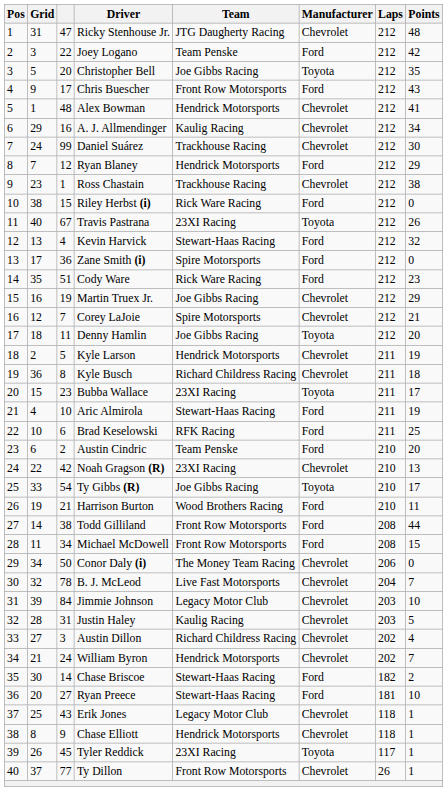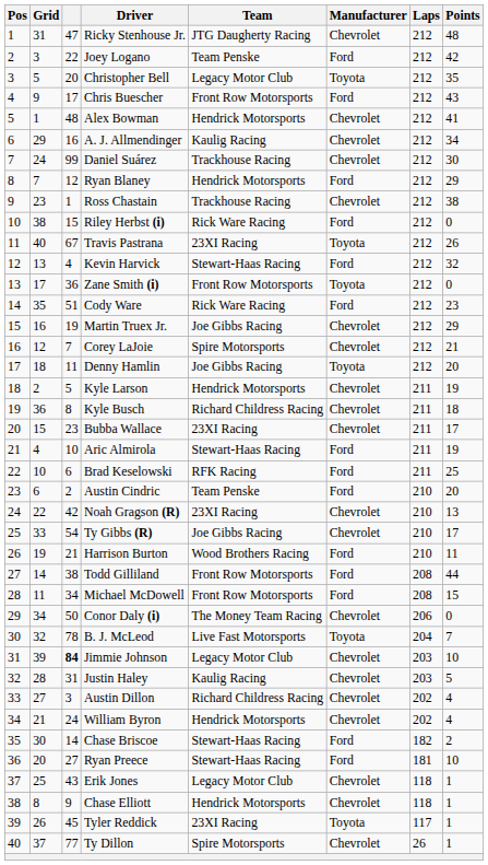 <table class="wikitable" style="font-size:98%">
 <tr>
 <th>Pos</th>
 <th>Grid</th>
 <th></th>
 <th>Driver</th>
 <th>Team</th>
 <th>Manufacturer</th>
 <th>Laps</th>
 <th>Points</th>
 </tr>
 <tr>
 <td>1</td>
 <td>31</td>
 <td>47</td>
 <td>Ricky Stenhouse Jr.</td>
 <td>JTG Daugherty Racing</td>
 <td>Chevrolet</td>
 <td>212</td>
 <td>48</td>
 </tr>
 <tr>
 <td>2</td>
 <td>3</td>
 <td>22</td>
 <td>Joey Logano</td>
 <td>Team Penske</td>
 <td>Ford</td>
 <td>212</td>
 <td>42</td>
 </tr>
 <tr>
 <td>3</td>
 <td>5</td>
 <td>20</td>
 <td>Christopher Bell</td>
-<td>Joe Gibbs Racing</td>
+<td>Legacy Motor Club</td>
 <td>Toyota</td>
 <td>212</td>
 <td>35</td>
 </tr>
 <tr>
 <td>4</td>
 <td>9</td>
 <td>17</td>
 <td>Chris Buescher</td>
 <td>Front Row Motorsports</td>
 <td>Ford</td>
 <td>212</td>
 <td>43</td>
 </tr>
 <tr>
 <td>5</td>
 <td>1</td>
 <td>48</td>
 <td>Alex Bowman</td>
 <td>Hendrick Motorsports</td>
 <td>Chevrolet</td>
 <td>212</td>
 <td>41</td>
 </tr>
 <tr>
 <td>6</td>
 <td>29</td>
 <td>16</td>
 <td>A. J. Allmendinger</td>
 <td>Kaulig Racing</td>
 <td>Chevrolet</td>
 <td>212</td>
 <td>34</td>
 </tr>
 <tr>
 <td>7</td>
 <td>24</td>
 <td>99</td>
 <td>Daniel Suárez</td>
 <td>Trackhouse Racing</td>
 <td>Chevrolet</td>
 <td>212</td>
 <td>30</td>
 </tr>
 <tr>
 <td>8</td>
 <td>7</td>
 <td>12</td>
 <td>Ryan Blaney</td>
 <td>Hendrick Motorsports</td>
 <td>Ford</td>
 <td>212</td>
 <td>29</td>
 </tr>
 <tr>
 <td>9</td>
 <td>23</td>
 <td>1</td>
 <td>Ross Chastain</td>
 <td>Trackhouse Racing</td>
 <td>Chevrolet</td>
 <td>212</td>
 <td>38</td>
 </tr>
 <tr>
 <td>10</td>
 <td>38</td>
 <td>15</td>
 <td>Riley Herbst <strong>(i)</strong></td>
 <td>Rick Ware Racing</td>
 <td>Ford</td>
 <td>212</td>
 <td>0</td>
 </tr>
 <tr>
 <td>11</td>
 <td>40</td>
 <td>67</td>
 <td>Travis Pastrana</td>
 <td>23XI Racing</td>
 <td>Toyota</td>
 <td>212</td>
 <td>26</td>
 </tr>
 <tr>
 <td>12</td>
 <td>13</td>
 <td>4</td>
 <td>Kevin Harvick</td>
 <td>Stewart-Haas Racing</td>
 <td>Ford</td>
 <td>212</td>
 <td>32</td>
 </tr>
 <tr>
 <td>13</td>
 <td>17</td>
 <td>36</td>
 <td>Zane Smith <strong>(i)</strong></td>
-<td>Spire Motorsports</td>
-<td>Ford</td>
+<td>Front Row Motorsports</td>
+<td>Toyota</td>
 <td>212</td>
 <td>0</td>
 </tr>
 <tr>
 <td>14</td>
 <td>35</td>
 <td>51</td>
 <td>Cody Ware</td>
 <td>Rick Ware Racing</td>
 <td>Ford</td>
 <td>212</td>
 <td>23</td>
 </tr>
 <tr>
 <td>15</td>
 <td>16</td>
 <td>19</td>
 <td>Martin Truex Jr.</td>
 <td>Joe Gibbs Racing</td>
 <td>Chevrolet</td>
 <td>212</td>
 <td>29</td>
 </tr>
 <tr>
 <td>16</td>
 <td>12</td>
 <td>7</td>
 <td>Corey LaJoie</td>
 <td>Spire Motorsports</td>
 <td>Chevrolet</td>
 <td>212</td>
 <td>21</td>
 </tr>
 <tr>
 <td>17</td>
 <td>18</td>
 <td>11</td>
 <td>Denny Hamlin</td>
 <td>Joe Gibbs Racing</td>
 <td>Toyota</td>
 <td>212</td>
 <td>20</td>
 </tr>
 <tr>
 <td>18</td>
 <td>2</td>
 <td>5</td>
 <td>Kyle Larson</td>
 <td>Hendrick Motorsports</td>
 <td>Chevrolet</td>
 <td>211</td>
 <td>19</td>
 </tr>
 <tr>
 <td>19</td>
 <td>36</td>
 <td>8</td>
 <td>Kyle Busch</td>
 <td>Richard Childress Racing</td>
 <td>Chevrolet</td>
 <td>211</td>
 <td>18</td>
 </tr>
 <tr>
 <td>20</td>
 <td>15</td>
 <td>23</td>
 <td>Bubba Wallace</td>
 <td>23XI Racing</td>
-<td>Toyota</td>
+<td>Chevrolet</td>
 <td>211</td>
 <td>17</td>
 </tr>
 <tr>
 <td>21</td>
 <td>4</td>
 <td>10</td>
 <td>Aric Almirola</td>
 <td>Stewart-Haas Racing</td>
 <td>Ford</td>
 <td>211</td>
 <td>19</td>
 </tr>
 <tr>
 <td>22</td>
 <td>10</td>
 <td>6</td>
 <td>Brad Keselowski</td>
 <td>RFK Racing</td>
 <td>Ford</td>
 <td>211</td>
 <td>25</td>
 </tr>
 <tr>
 <td>23</td>
 <td>6</td>
 <td>2</td>
 <td>Austin Cindric</td>
 <td>Team Penske</td>
 <td>Ford</td>
 <td>210</td>
 <td>20</td>
 </tr>
 <tr>
 <td>24</td>
 <td>22</td>
 <td>42</td>
 <td>Noah Gragson <strong>(R)</strong></td>
 <td>23XI Racing</td>
 <td>Chevrolet</td>
 <td>210</td>
 <td>13</td>
 </tr>
 <tr>
 <td>25</td>
 <td>33</td>
 <td>54</td>
 <td>Ty Gibbs <strong>(R)</strong></td>
 <td>Joe Gibbs Racing</td>
-<td>Toyota</td>
+<td>Chevrolet</td>
 <td>210</td>
 <td>17</td>
 </tr>
 <tr>
 <td>26</td>
 <td>19</td>
 <td>21</td>
 <td>Harrison Burton</td>
 <td>Wood Brothers Racing</td>
 <td>Ford</td>
 <td>210</td>
 <td>11</td>
 </tr>
 <tr>
 <td>27</td>
 <td>14</td>
 <td>38</td>
 <td>Todd Gilliland</td>
 <td>Front Row Motorsports</td>
 <td>Ford</td>
 <td>208</td>
 <td>44</td>
 </tr>
 <tr>
 <td>28</td>
 <td>11</td>
 <td>34</td>
 <td>Michael McDowell</td>
 <td>Front Row Motorsports</td>
 <td>Ford</td>
 <td>208</td>
 <td>15</td>
 </tr>
 <tr>
 <td>29</td>
 <td>34</td>
 <td>50</td>
 <td>Conor Daly <strong>(i)</strong></td>
 <td>The Money Team Racing</td>
 <td>Chevrolet</td>
 <td>206</td>
 <td>0</td>
 </tr>
 <tr>
 <td>30</td>
 <td>32</td>
 <td>78</td>
 <td>B. J. McLeod</td>
 <td>Live Fast Motorsports</td>
-<td>Chevrolet</td>
+<td>Toyota</td>
 <td>204</td>
 <td>7</td>
 </tr>
 <tr>
 <td>31</td>
 <td>39</td>
-<td>84</td>
+<td><strong>84</strong></td>
 <td>Jimmie Johnson</td>
 <td>Legacy Motor Club</td>
 <td>Chevrolet</td>
 <td>203</td>
 <td>10</td>
 </tr>
 <tr>
 <td>32</td>
 <td>28</td>
 <td>31</td>
 <td>Justin Haley</td>
 <td>Kaulig Racing</td>
 <td>Chevrolet</td>
 <td>203</td>
 <td>5</td>
 </tr>
 <tr>
 <td>33</td>
 <td>27</td>
 <td>3</td>
 <td>Austin Dillon</td>
 <td>Richard Childress Racing</td>
 <td>Chevrolet</td>
 <td>202</td>
 <td>4</td>
 </tr>
 <tr>
 <td>34</td>
 <td>21</td>
 <td>24</td>
 <td>William Byron</td>
 <td>Hendrick Motorsports</td>
 <td>Chevrolet</td>
 <td>202</td>
-<td>7</td>
+<td>4</td>
 </tr>
 <tr>
 <td>35</td>
 <td>30</td>
 <td>14</td>
 <td>Chase Briscoe</td>
 <td>Stewart-Haas Racing</td>
 <td>Ford</td>
 <td>182</td>
 <td>2</td>
 </tr>
 <tr>
 <td>36</td>
 <td>20</td>
 <td>27</td>
 <td>Ryan Preece</td>
 <td>Stewart-Haas Racing</td>
 <td>Ford</td>
 <td>181</td>
 <td>10</td>
 </tr>
 <tr>
 <td>37</td>
 <td>25</td>
 <td>43</td>
 <td>Erik Jones</td>
 <td>Legacy Motor Club</td>
 <td>Chevrolet</td>
 <td>118</td>
 <td>1</td>
 </tr>
 <tr>
 <td>38</td>
 <td>8</td>
 <td>9</td>
 <td>Chase Elliott</td>
 <td>Hendrick Motorsports</td>
 <td>Chevrolet</td>
 <td>118</td>
 <td>1</td>
 </tr>
 <tr>
 <td>39</td>
 <td>26</td>
 <td>45</td>
 <td>Tyler Reddick</td>
 <td>23XI Racing</td>
 <td>Toyota</td>
 <td>117</td>
 <td>1</td>
 </tr>
 <tr>
 <td>40</td>
 <td>37</td>
 <td>77</td>
 <td>Ty Dillon</td>
-<td>Front Row Motorsports</td>
+<td>Spire Motorsports</td>
 <td>Chevrolet</td>
 <td>26</td>
 <td>1</td>
 </tr>
 <tr>
 <th colspan="8"></th>
 </tr>
 </table>
